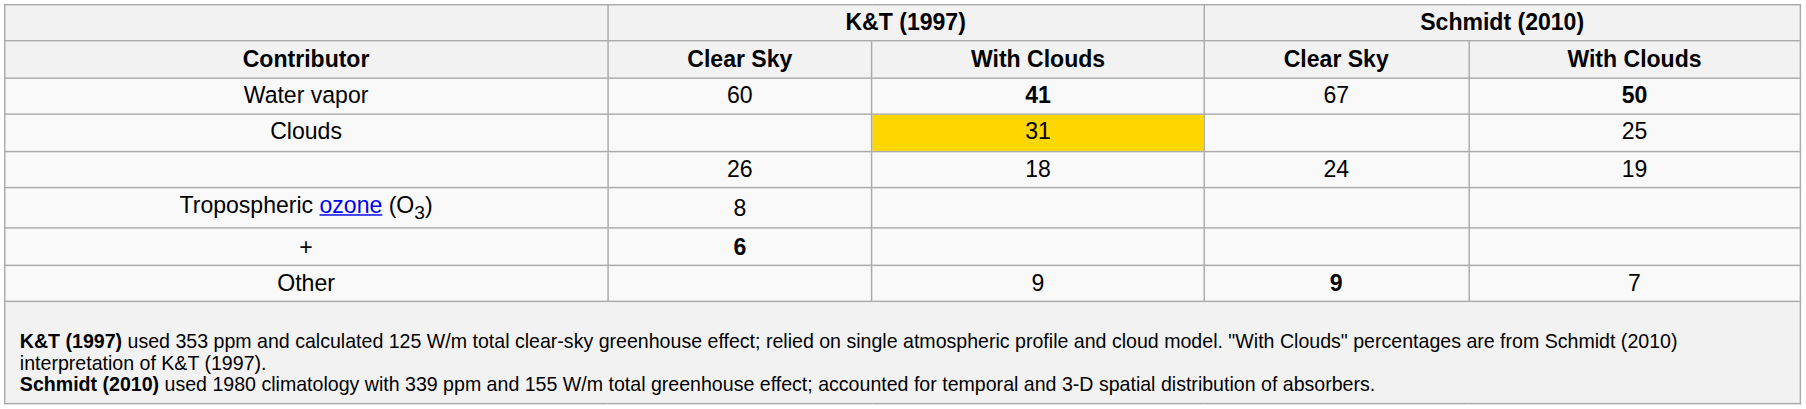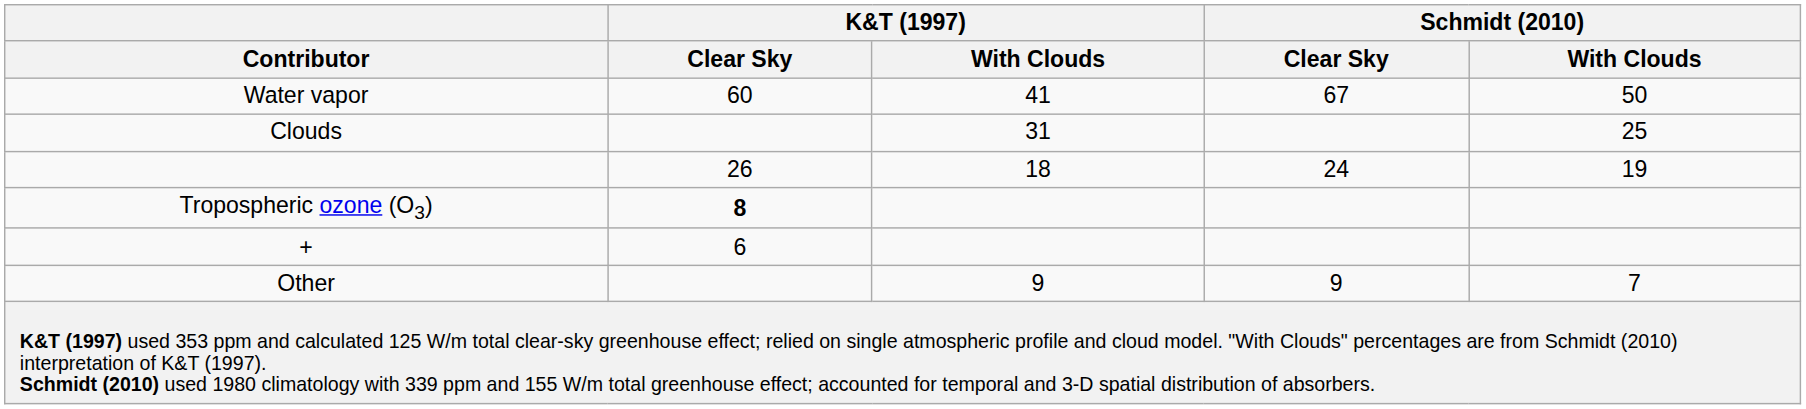 <table class="wikitable" style="text-align:center" id-"GHG-ranking">
 <tr>
 <th></th>
 <th colspan="2">K&T (1997)</th>
 <th colspan="2">Schmidt (2010)</th>
 </tr>
 <tr>
 <th>Contributor</th>
 <th>Clear Sky</th>
 <th>With Clouds</th>
 <th>Clear Sky</th>
 <th>With Clouds</th>
 </tr>
 <tr>
 <td>Water vapor</td>
 <td>60</td>
-<td><strong>41</strong></td>
+<td>41</td>
 <td>67</td>
-<td><strong>50</strong></td>
+<td>50</td>
 </tr>
 <tr>
 <td>Clouds</td>
 <td></td>
-<td style="background: gold;">31</td>
+<td>31</td>
 <td></td>
 <td>25</td>
 </tr>
 <tr>
 <td></td>
 <td>26</td>
 <td>18</td>
 <td>24</td>
 <td>19</td>
 </tr>
 <tr>
 <td>Tropospheric <a href='#'>ozone</a> (O<sub>3</sub>)</td>
-<td>8</td>
+<td><strong>8</strong></td>
 <td></td>
 <td></td>
 <td></td>
 </tr>
 <tr>
 <td> + </td>
-<td><strong>6</strong></td>
+<td>6</td>
 <td></td>
 <td></td>
 <td></td>
 </tr>
 <tr>
 <td>Other</td>
 <td></td>
 <td>9</td>
-<td><strong>9</strong></td>
+<td>9</td>
 <td>7</td>
 </tr>
 <tr>
 <th colspan="5" style="font-size: 0.85em; padding: 5px 2px 5px 10px; text-align: left; font-weight: normal;"><br><strong>K&T (1997)</strong> used 353 ppm  and calculated 125 W/m total clear-sky greenhouse effect; relied on single atmospheric profile and cloud model. "With Clouds" percentages are from Schmidt (2010) interpretation of K&T (1997).<br> <strong>Schmidt (2010)</strong> used 1980 climatology with 339 ppm  and 155 W/m total greenhouse effect; accounted for temporal and 3-D spatial distribution of absorbers.<br></th>
 </tr>
 </table>
